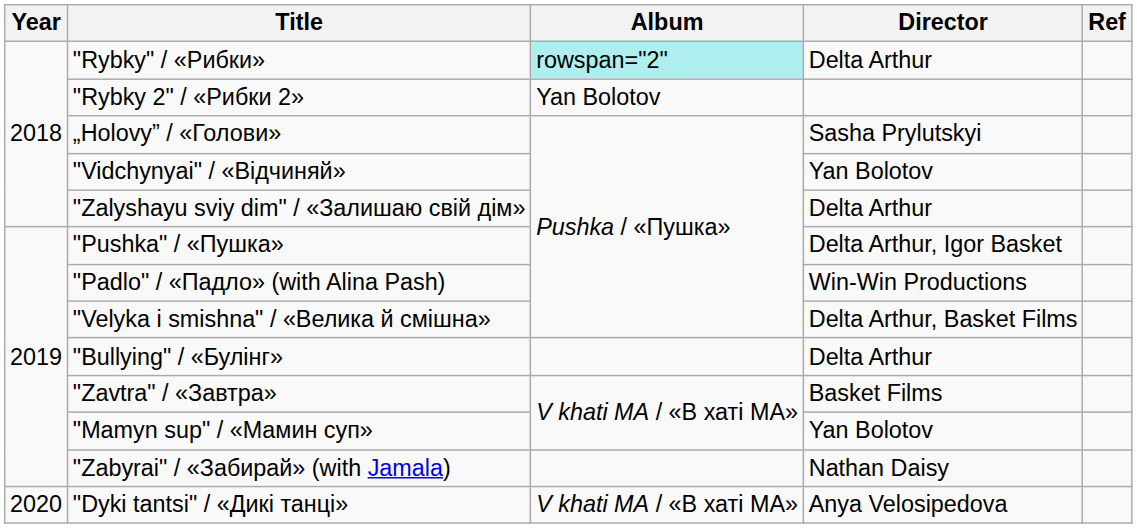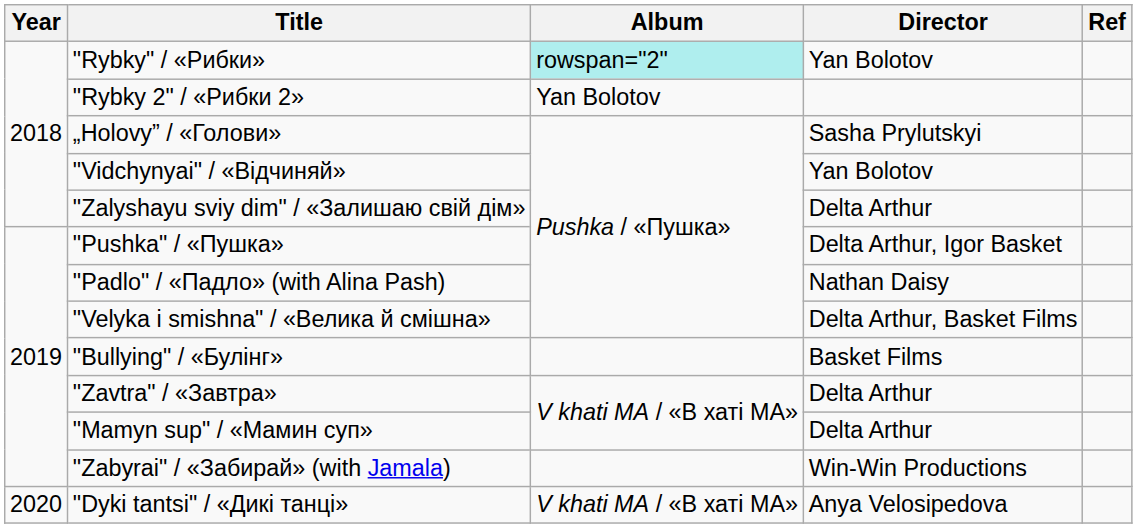 <table class="wikitable">
 <tr>
 <th>Year</th>
 <th>Title</th>
 <th>Album</th>
 <th>Director</th>
 <th>Ref</th>
 </tr>
 <tr>
 <td rowspan="5">2018</td>
 <td>"Rybky" / «Рибки»</td>
 <td style="background: paleturquoise;">rowspan="2" </td>
-<td>Delta Arthur</td>
+<td>Yan Bolotov</td>
 <td></td>
 </tr>
 <tr>
 <td>"Rybky 2" / «Рибки 2»</td>
 <td>Yan Bolotov</td>
 <td></td>
 </tr>
 <tr>
 <td>„Holovy” / «Голови»</td>
 <td rowspan="6"><em>Pushka</em> / «Пушка»</td>
 <td>Sasha Prylutskyi</td>
 <td></td>
 </tr>
 <tr>
 <td>"Vidchynyai" / «Відчиняй»</td>
 <td>Yan Bolotov</td>
 <td></td>
 </tr>
 <tr>
 <td>"Zalyshayu sviy dim" /  «Залишаю свій дім»</td>
 <td>Delta Arthur</td>
 <td></td>
 </tr>
 <tr>
 <td rowspan="7">2019</td>
 <td>"Pushka" / «Пушка»</td>
 <td>Delta Arthur, Igor Basket</td>
 <td></td>
 </tr>
 <tr>
 <td>"Padlo" / «Падло» (with Alina Pash)</td>
-<td>Win-Win Productions</td>
+<td>Nathan Daisy</td>
 <td></td>
 </tr>
 <tr>
 <td>"Velyka i smishna" / «Велика й смішна»</td>
 <td>Delta Arthur, Basket Films</td>
 <td></td>
 </tr>
 <tr>
 <td>"Bullying" / «Булiнг»</td>
 <td></td>
-<td>Delta Arthur</td>
+<td>Basket Films</td>
 <td></td>
 </tr>
 <tr>
 <td>"Zavtra" / «Завтра»</td>
 <td rowspan="2"><em>V khati MA</em> / «В хаті МА»</td>
-<td>Basket Films</td>
+<td>Delta Arthur</td>
 <td></td>
 </tr>
 <tr>
 <td>"Mamyn sup" / «Мамин суп»</td>
-<td>Yan Bolotov</td>
+<td>Delta Arthur</td>
 <td></td>
 </tr>
 <tr>
 <td>"Zabyrai" / «Забирай» (with <a href='#'>Jamala</a>)</td>
 <td></td>
-<td>Nathan Daisy</td>
+<td>Win-Win Productions</td>
 <td></td>
 </tr>
 <tr>
 <td>2020</td>
 <td>"Dyki tantsi" / «Дикі танці»</td>
 <td><em>V khati MA</em> / «В хаті МА»</td>
 <td>Anya Velosipedova</td>
 <td></td>
 </tr>
 </table>
